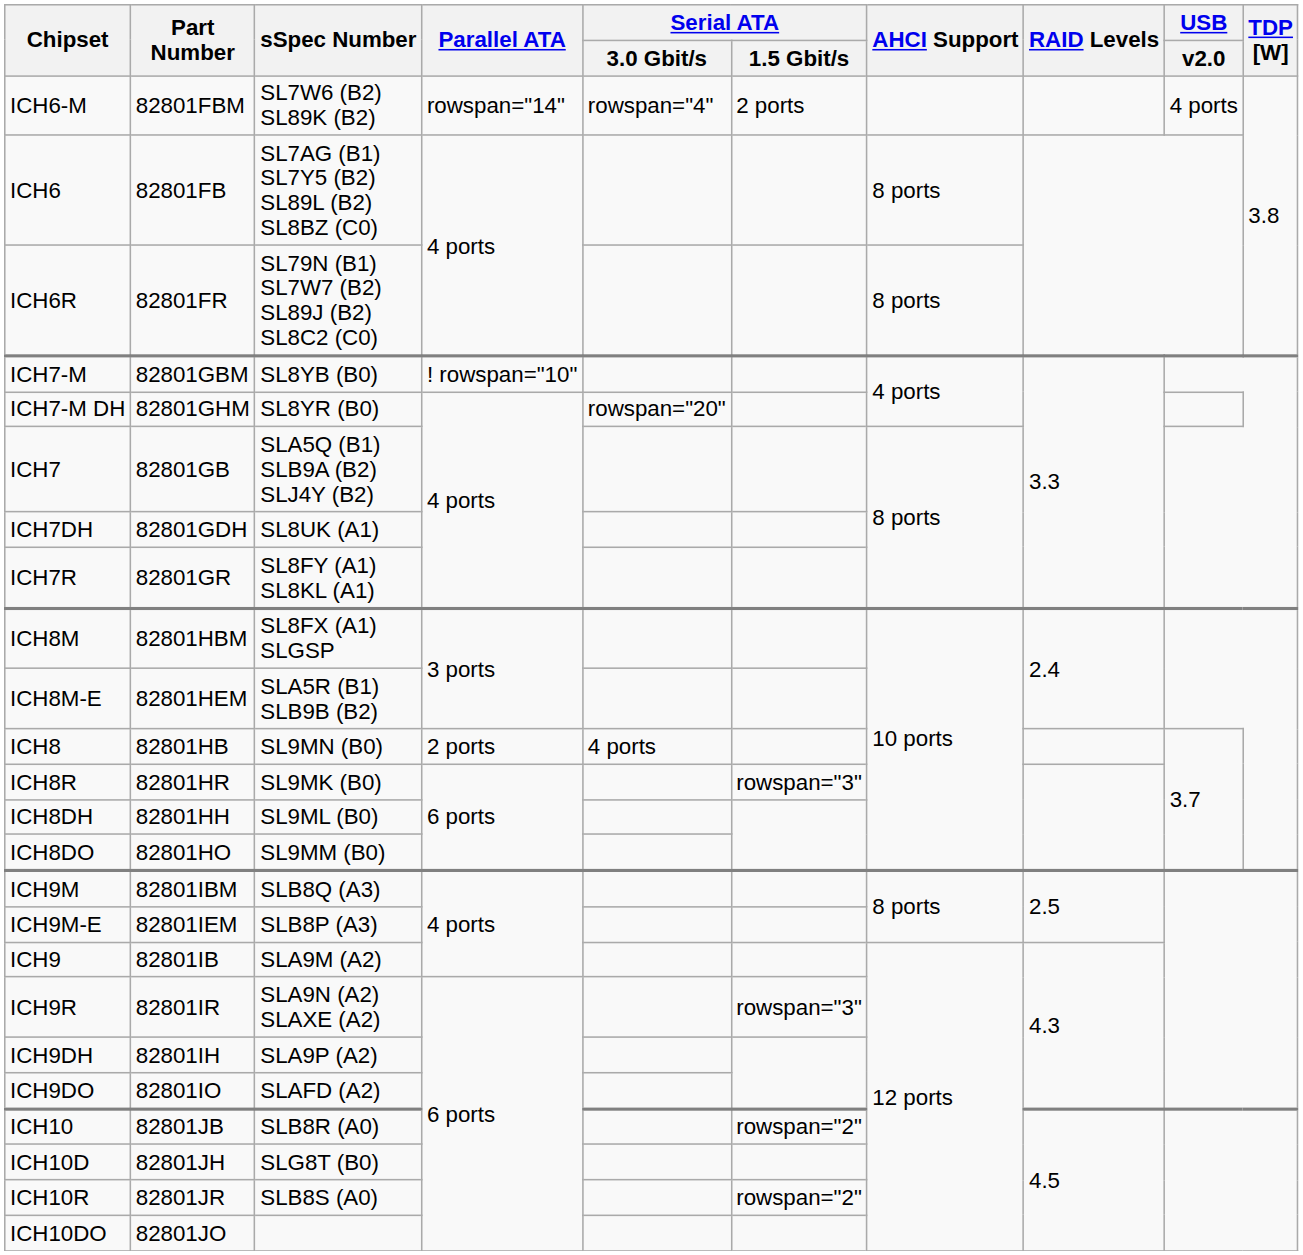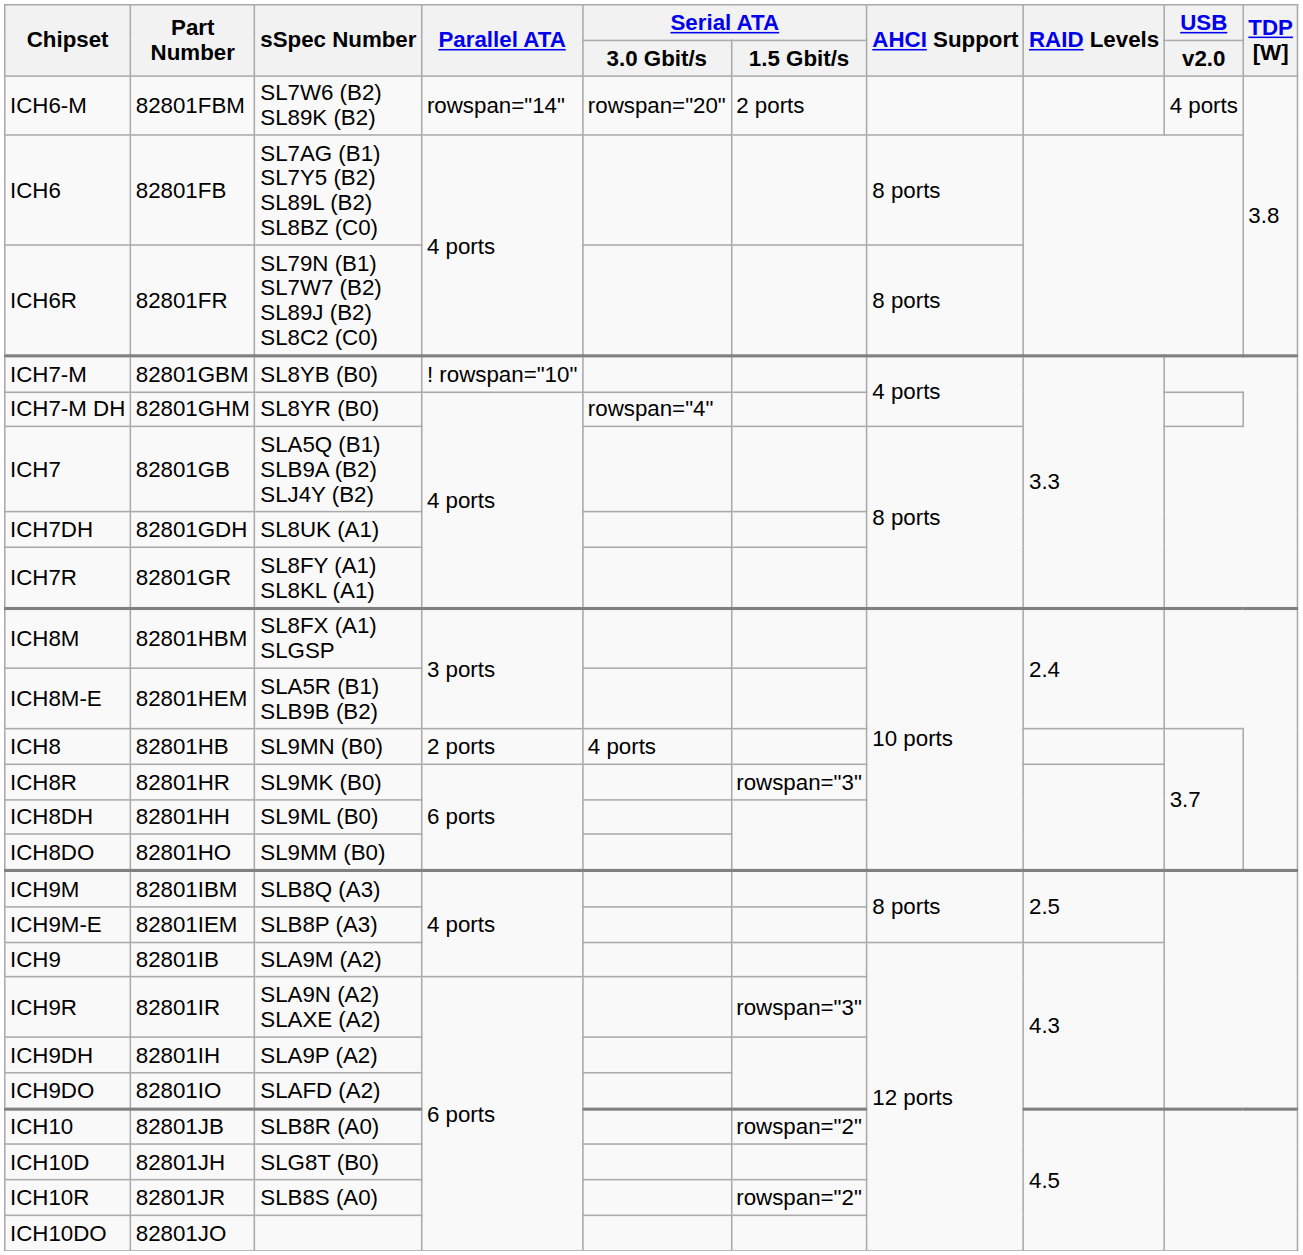 <table class="wikitable" style="font-size: 90%;">
 <tr>
 <th rowspan="2">Chipset</th>
 <th rowspan="2">Part<br>Number</th>
 <th rowspan="2">sSpec Number</th>
 <th rowspan="2"><a href='#'>Parallel ATA</a></th>
 <th colspan="2"><a href='#'>Serial ATA</a></th>
 <th rowspan="2"><a href='#'>AHCI</a> Support</th>
 <th rowspan="2"><a href='#'>RAID</a> Levels</th>
 <th><a href='#'>USB</a></th>
 <th rowspan="2"><a href='#'>TDP</a><br>[W]</th>
 </tr>
 <tr>
 <th>3.0 Gbit/s</th>
 <th>1.5 Gbit/s</th>
 <th>v2.0</th>
 </tr>
 <tr>
 <td>ICH6-M</td>
 <td>82801FBM</td>
 <td>SL7W6 (B2)<br>SL89K (B2)</td>
 <td>rowspan="14" </td>
-<td>rowspan="4" </td>
+<td>rowspan="20" </td>
 <td>2 ports</td>
 <td></td>
 <td></td>
 <td>4 ports</td>
 <td rowspan="3">3.8</td>
 </tr>
 <tr>
 <td>ICH6</td>
 <td>82801FB</td>
 <td>SL7AG (B1)<br>SL7Y5 (B2)<br>SL89L (B2)<br>SL8BZ (C0)</td>
 <td rowspan="2">4 ports</td>
 <td></td>
 <td></td>
 <td>8 ports</td>
 </tr>
 <tr>
 <td>ICH6R</td>
 <td>82801FR</td>
 <td>SL79N (B1)<br>SL7W7 (B2)<br>SL89J (B2)<br>SL8C2 (C0)</td>
 <td></td>
 <td></td>
 <td>8 ports</td>
 </tr>
 <tr style="border-top:2px solid gray;">
 <td>ICH7-M</td>
 <td>82801GBM</td>
 <td>SL8YB (B0)</td>
 <td>! rowspan="10" </td>
 <td></td>
 <td></td>
 <td rowspan="2">4 ports</td>
 <td rowspan="5">3.3</td>
 </tr>
 <tr>
 <td>ICH7-M DH</td>
 <td>82801GHM</td>
 <td>SL8YR (B0)</td>
 <td rowspan="4">4 ports</td>
-<td>rowspan="20" </td>
+<td>rowspan="4" </td>
 <td></td>
 <td></td>
 </tr>
 <tr>
 <td>ICH7</td>
 <td>82801GB</td>
 <td>SLA5Q (B1)<br>SLB9A (B2)<br>SLJ4Y (B2)</td>
 <td></td>
 <td></td>
 <td rowspan="3">8 ports</td>
 </tr>
 <tr>
 <td>ICH7DH</td>
 <td>82801GDH</td>
 <td>SL8UK (A1)</td>
 <td></td>
 <td></td>
 </tr>
 <tr>
 <td>ICH7R</td>
 <td>82801GR</td>
 <td>SL8FY (A1)<br>SL8KL (A1)</td>
 <td></td>
 <td></td>
 </tr>
 <tr style="border-top:2px solid gray;">
 <td>ICH8M</td>
 <td>82801HBM</td>
 <td>SL8FX (A1)<br>SLGSP</td>
 <td rowspan="2">3 ports</td>
 <td></td>
 <td></td>
 <td rowspan="6">10 ports</td>
 <td rowspan="2">2.4</td>
 </tr>
 <tr>
 <td>ICH8M-E</td>
 <td>82801HEM</td>
 <td>SLA5R (B1)<br>SLB9B (B2)</td>
 <td></td>
 <td></td>
 </tr>
 <tr>
 <td>ICH8</td>
 <td>82801HB</td>
 <td>SL9MN (B0)</td>
 <td>2 ports</td>
 <td>4 ports</td>
 <td></td>
 <td></td>
 <td rowspan="4">3.7</td>
 </tr>
 <tr>
 <td>ICH8R</td>
 <td>82801HR</td>
 <td>SL9MK (B0)</td>
 <td rowspan="3">6 ports</td>
 <td></td>
 <td>rowspan="3" </td>
 </tr>
 <tr>
 <td>ICH8DH</td>
 <td>82801HH</td>
 <td>SL9ML (B0)</td>
 <td></td>
 </tr>
 <tr>
 <td>ICH8DO</td>
 <td>82801HO</td>
 <td>SL9MM (B0)</td>
 <td></td>
 </tr>
 <tr style="border-top:2px solid gray;">
 <td>ICH9M</td>
 <td>82801IBM</td>
 <td>SLB8Q (A3)</td>
 <td rowspan="3">4 ports</td>
 <td></td>
 <td></td>
 <td rowspan="2">8 ports</td>
 <td rowspan="2">2.5</td>
 </tr>
 <tr>
 <td>ICH9M-E</td>
 <td>82801IEM</td>
 <td>SLB8P (A3)</td>
 <td></td>
 <td></td>
 </tr>
 <tr>
 <td>ICH9</td>
 <td>82801IB</td>
 <td>SLA9M (A2)</td>
 <td></td>
 <td></td>
 <td rowspan="8">12 ports</td>
 <td rowspan="4">4.3</td>
 </tr>
 <tr>
 <td>ICH9R</td>
 <td>82801IR</td>
 <td>SLA9N (A2)<br>SLAXE (A2)</td>
 <td rowspan="7">6 ports</td>
 <td></td>
 <td>rowspan="3" </td>
 </tr>
 <tr>
 <td>ICH9DH</td>
 <td>82801IH</td>
 <td>SLA9P (A2)</td>
 <td></td>
 </tr>
 <tr>
 <td>ICH9DO</td>
 <td>82801IO</td>
 <td>SLAFD (A2)</td>
 <td></td>
 </tr>
 <tr style="border-top:2px solid gray;">
 <td>ICH10</td>
 <td>82801JB</td>
 <td>SLB8R (A0)</td>
 <td></td>
 <td>rowspan="2" </td>
 <td rowspan="4">4.5</td>
 </tr>
 <tr>
 <td>ICH10D</td>
 <td>82801JH</td>
 <td>SLG8T (B0)</td>
 <td></td>
 </tr>
 <tr>
 <td>ICH10R</td>
 <td>82801JR</td>
 <td>SLB8S (A0)</td>
 <td></td>
 <td>rowspan="2" </td>
 </tr>
 <tr>
 <td>ICH10DO</td>
 <td>82801JO</td>
 <td></td>
 <td></td>
 </tr>
 </table>
